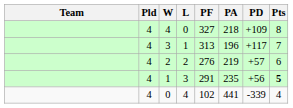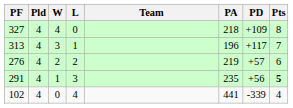 <table class="wikitable" style="text-align:center;">
 <tr>
-<th width=200>Team</th>
+<th width=30>PF</th>
 <th width=20>Pld</th>
 <th width=20>W</th>
 <th width=20>L</th>
-<th width=30>PF</th>
+<th width=200>Team</th>
 <th width=30>PA</th>
 <th width=30>PD</th>
 <th width=20>Pts</th>
 </tr>
 <tr bgcolor=ccffcc>
-<td align=left></td>
+<td>327</td>
 <td>4</td>
 <td>4</td>
 <td>0</td>
-<td>327</td>
+<td align=left></td>
 <td>218</td>
 <td>+109</td>
 <td>8</td>
 </tr>
 <tr bgcolor=ccffcc>
-<td align=left></td>
+<td>313</td>
 <td>4</td>
 <td>3</td>
 <td>1</td>
-<td>313</td>
+<td align=left></td>
 <td>196</td>
 <td>+117</td>
 <td>7</td>
 </tr>
 <tr bgcolor=ccffcc>
-<td align=left></td>
+<td>276</td>
 <td>4</td>
 <td>2</td>
 <td>2</td>
-<td>276</td>
+<td align=left></td>
 <td>219</td>
 <td>+57</td>
 <td>6</td>
 </tr>
 <tr bgcolor=ccffcc>
-<td align=left></td>
+<td>291</td>
 <td>4</td>
 <td>1</td>
 <td>3</td>
-<td>291</td>
+<td align=left></td>
 <td>235</td>
 <td>+56</td>
 <td><strong>5</strong></td>
 </tr>
 <tr>
-<td align=left></td>
+<td>102</td>
 <td>4</td>
 <td>0</td>
 <td>4</td>
-<td>102</td>
+<td align=left></td>
 <td>441</td>
 <td>-339</td>
 <td>4</td>
 </tr>
 </table>
